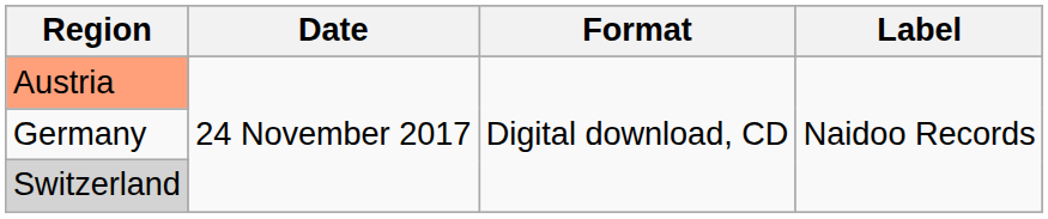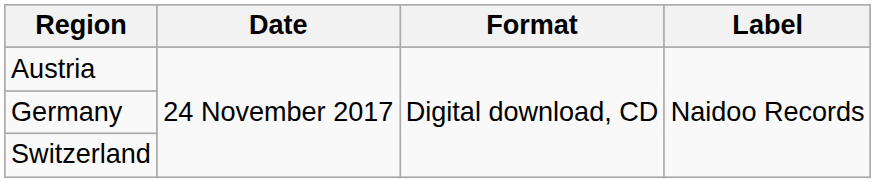 <table class="wikitable">
 <tr>
 <th scope="col">Region</th>
 <th scope="col">Date</th>
 <th scope="col">Format</th>
 <th scope="col">Label</th>
 </tr>
 <tr>
-<td style="background: lightsalmon;">Austria</td>
+<td>Austria</td>
 <td rowspan="3">24 November 2017</td>
 <td rowspan="3">Digital download, CD</td>
 <td rowspan="3">Naidoo Records</td>
 </tr>
 <tr>
 <td>Germany</td>
 </tr>
 <tr>
-<td style="background: lightgrey;">Switzerland</td>
+<td>Switzerland</td>
 </tr>
 </table>
